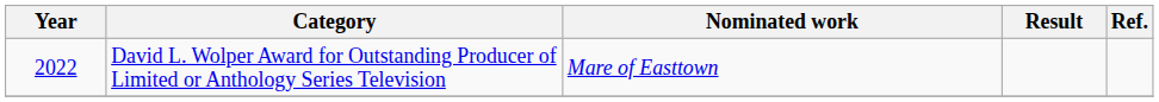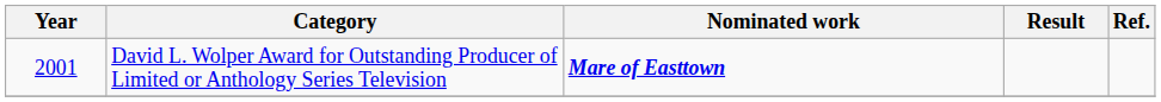 <table class=wikitable>
 <tr>
 <th scope="col" style="width:5em;">Year</th>
 <th scope="col" style="width:26em;">Category</th>
 <th scope="col" style="width:25em;">Nominated work</th>
 <th scope="col" style="width:5em;">Result</th>
 <th>Ref.</th>
 </tr>
 <tr>
-<td style="text-align:center;",><a href='#'>2022</a></td>
+<td style="text-align:center;",><a href='#'>2001</a></td>
 <td><a href='#'>David L. Wolper Award for Outstanding Producer of Limited or Anthology Series Television</a></td>
-<td><em><a href='#'>Mare of Easttown</a></em></td>
+<td><strong><em><a href='#'>Mare of Easttown</a></em></strong></td>
 <td></td>
 <td style="text-align:center;"></td>
 </tr>
 <tr>
 </tr>
 </table>
